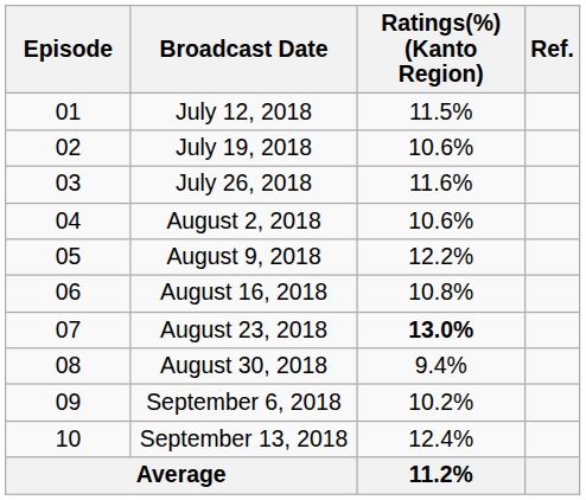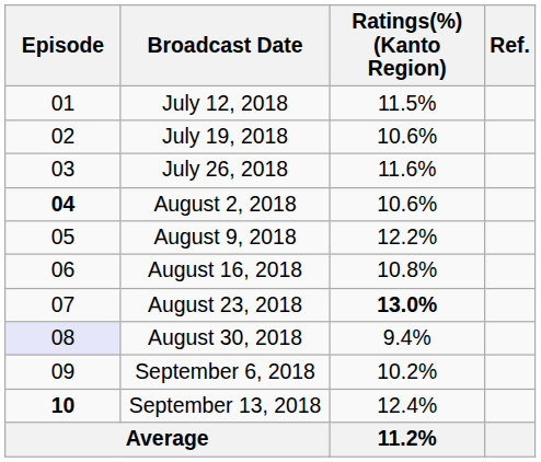 <table class="wikitable" style="text-align:center">
 <tr>
 <th width="80">Episode</th>
 <th width="150">Broadcast Date</th>
 <th width="110">Ratings(%)<br>(Kanto Region)</th>
 <th width="30">Ref.</th>
 </tr>
 <tr>
 <td>01</td>
 <td>July 12, 2018</td>
 <td>11.5%</td>
 <td></td>
 </tr>
 <tr>
 <td>02</td>
 <td>July 19, 2018</td>
 <td>10.6%</td>
 <td></td>
 </tr>
 <tr>
 <td>03</td>
 <td>July 26, 2018</td>
 <td>11.6%</td>
 <td></td>
 </tr>
 <tr>
-<td>04</td>
+<td><strong>04</strong></td>
 <td>August 2, 2018</td>
 <td>10.6%</td>
 <td></td>
 </tr>
 <tr>
 <td>05</td>
 <td>August 9, 2018</td>
 <td>12.2%</td>
 <td></td>
 </tr>
 <tr>
 <td>06</td>
 <td>August 16, 2018</td>
 <td>10.8%</td>
 <td></td>
 </tr>
 <tr>
 <td>07</td>
 <td>August 23, 2018</td>
 <td><span><strong>13.0%</strong></span></td>
 <td></td>
 </tr>
 <tr>
-<td>08</td>
+<td style="background: lavender;">08</td>
 <td>August 30, 2018</td>
 <td>9.4%</td>
 <td></td>
 </tr>
 <tr>
 <td>09</td>
 <td>September 6, 2018</td>
 <td>10.2%</td>
 <td></td>
 </tr>
 <tr>
-<td>10</td>
+<td><strong>10</strong></td>
 <td>September 13, 2018</td>
 <td>12.4%</td>
 <td></td>
 </tr>
 <tr>
 <th colspan=2>Average</th>
 <th>11.2%</th>
 <th></th>
 </tr>
 </table>
